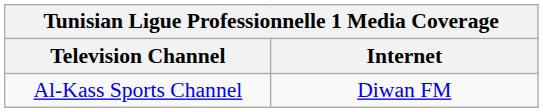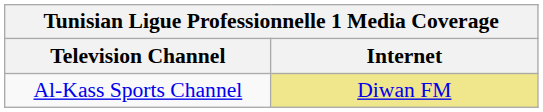 <table class="wikitable" align="center">
 <tr>
 <th colspan=3>Tunisian Ligue Professionnelle 1 Media Coverage</th>
 </tr>
 <tr>
 <th style="width:190px;">Television Channel</th>
 <th style="width:190px;">Internet</th>
 </tr>
 <tr>
 <td align=Center> <a href='#'>Al-Kass Sports Channel</a></td>
-<td align=Center> <a href='#'>Diwan FM</a></td>
+<td align=Center style="background: khaki;"> <a href='#'>Diwan FM</a></td>
 </tr>
 </table>
